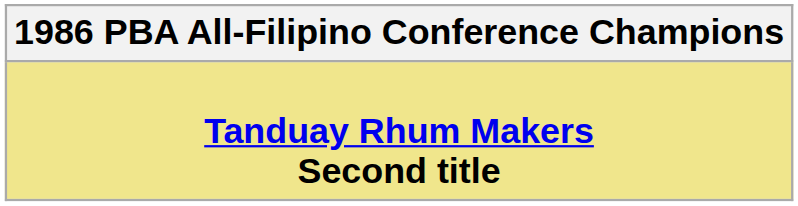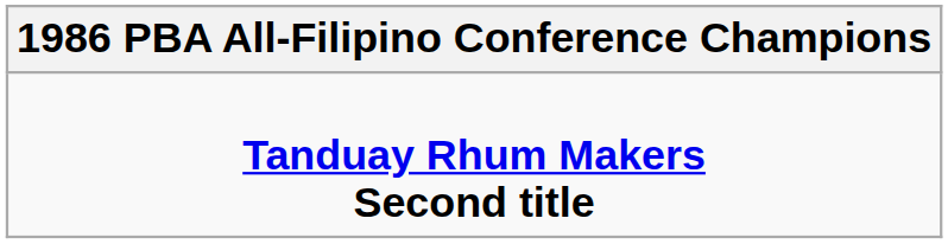 <table class=wikitable style="text-align:center; margin:auto">
 <tr>
 <th>1986 PBA All-Filipino Conference Champions</th>
 </tr>
 <tr>
-<td style="background: khaki;"><br> <strong><a href='#'>Tanduay Rhum Makers</a></strong> <br> <strong>Second title</strong></td>
+<td><br> <strong><a href='#'>Tanduay Rhum Makers</a></strong> <br> <strong>Second title</strong></td>
 </tr>
 </table>
